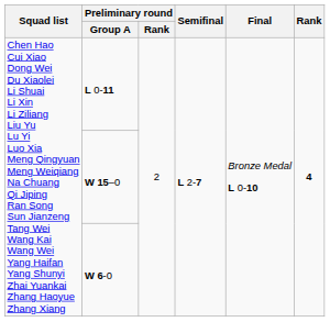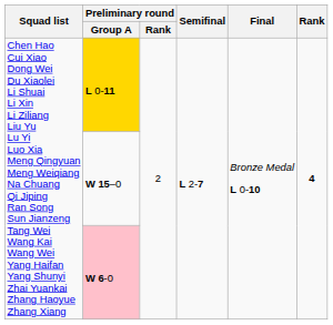 <table class="wikitable" style="font-size:90%">
 <tr>
 <th rowspan="2">Squad list</th>
 <th colspan="2">Preliminary round</th>
 <th rowspan="2">Semifinal</th>
 <th rowspan="2">Final</th>
 <th rowspan="2">Rank</th>
 </tr>
 <tr>
 <th>Group A</th>
 <th>Rank</th>
 </tr>
 <tr>
 <td rowspan=3><a href='#'>Chen Hao</a><br><a href='#'>Cui Xiao</a><br><a href='#'>Dong Wei</a><br><a href='#'>Du Xiaolei</a><br><a href='#'>Li Shuai</a><br><a href='#'>Li Xin</a><br><a href='#'>Li Ziliang</a><br><a href='#'>Liu Yu</a><br><a href='#'>Lu Yi</a><br><a href='#'>Luo Xia</a><br><a href='#'>Meng Qingyuan</a><br><a href='#'>Meng Weiqiang</a><br><a href='#'>Na Chuang</a><br><a href='#'>Qi Jiping</a><br><a href='#'>Ran Song</a><br><a href='#'>Sun Jianzeng</a><br><a href='#'>Tang Wei</a><br><a href='#'>Wang Kai</a><br><a href='#'>Wang Wei</a><br><a href='#'>Yang Haifan</a><br><a href='#'>Yang Shunyi</a><br><a href='#'>Zhai Yuankai</a><br><a href='#'>Zhang Haoyue</a><br><a href='#'>Zhang Xiang</a></td>
-<td><br><strong>L</strong> 0-<strong>11</strong></td>
+<td style="background: gold;"><br><strong>L</strong> 0-<strong>11</strong></td>
 <td rowspan="3" style="text-align:center;">2 <strong></strong></td>
 <td rowspan=3><br><strong>L</strong> 2-<strong>7</strong></td>
 <td rowspan=3><em>Bronze Medal</em><br><br><strong>L</strong> 0-<strong>10</strong></td>
 <td rowspan="3" style="text-align:center;"><strong>4</strong></td>
 </tr>
 <tr>
 <td><br><strong>W</strong> <strong>15</strong>–0</td>
 </tr>
 <tr>
-<td><br><strong>W</strong> <strong>6</strong>-0</td>
+<td style="background: pink;"><br><strong>W</strong> <strong>6</strong>-0</td>
 </tr>
 </table>
